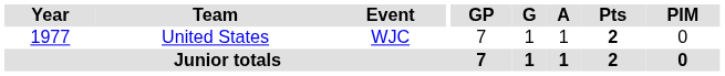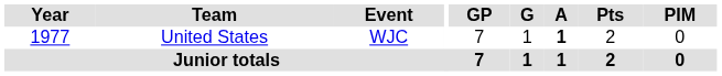 <table border="0" cellpadding="1" cellspacing="0" ID="Table3" style="text-align:center; width:40em">
 <tr bgcolor="#e0e0e0">
 <th>Year</th>
 <th>Team</th>
 <th>Event</th>
 <th rowspan="102" bgcolor="#ffffff"></th>
 <th>GP</th>
 <th>G</th>
 <th>A</th>
 <th>Pts</th>
 <th>PIM</th>
 </tr>
 <tr>
 <td><a href='#'>1977</a></td>
 <td><a href='#'>United States</a></td>
 <td><a href='#'>WJC</a></td>
 <td>7</td>
 <td>1</td>
-<td>1</td>
-<td><strong>2</strong></td>
+<td><strong>1</strong></td>
+<td>2</td>
 <td>0</td>
 </tr>
 <tr bgcolor="#e0e0e0">
 <th colspan="4">Junior totals</th>
 <th>7</th>
 <th>1</th>
 <th>1</th>
 <th>2</th>
 <th>0</th>
 </tr>
 </table>
